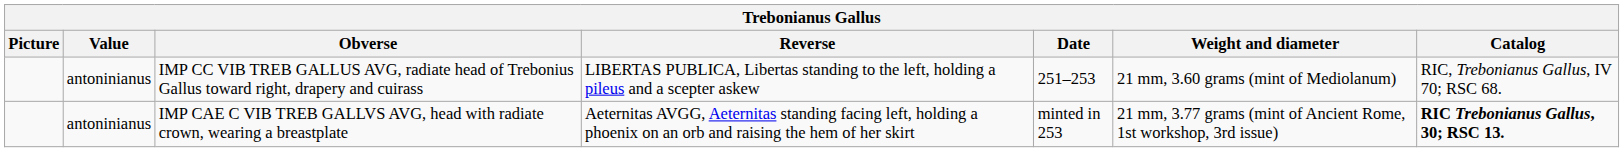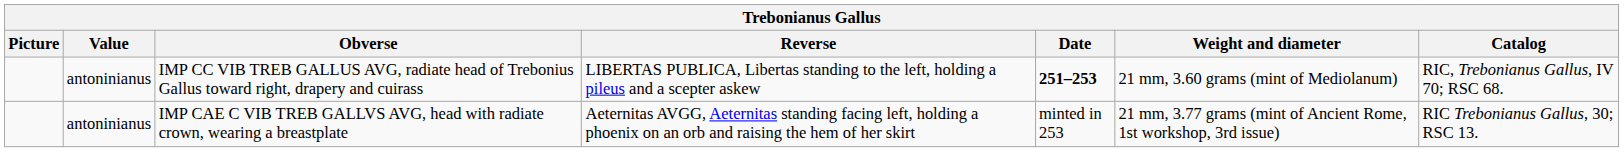 <table class="wikitable">
 <tr>
 <th colspan="7">Trebonianus Gallus</th>
 </tr>
 <tr>
 <th>Picture</th>
 <th>Value</th>
 <th>Obverse</th>
 <th>Reverse</th>
 <th>Date</th>
 <th>Weight and diameter</th>
 <th>Catalog</th>
 </tr>
 <tr>
 <td></td>
 <td>antoninianus</td>
 <td>IMP CC VIB TREB GALLUS AVG, radiate head of Trebonius Gallus toward right, drapery and cuirass</td>
 <td>LIBERTAS PUBLICA, Libertas standing to the left, holding a <a href='#'>pileus</a> and a scepter askew</td>
-<td>251–253</td>
+<td><strong>251–253</strong></td>
 <td>21 mm, 3.60 grams (mint of Mediolanum)</td>
 <td>RIC, <em>Trebonianus Gallus</em>, IV 70; RSC 68.</td>
 </tr>
 <tr>
 <td></td>
 <td>antoninianus</td>
 <td>IMP CAE C VIB TREB GALLVS AVG, head with radiate crown, wearing a breastplate</td>
 <td>Aeternitas AVGG, <a href='#'>Aeternitas</a> standing facing left, holding a phoenix on an orb and raising the hem of her skirt</td>
 <td>minted in 253</td>
 <td>21 mm, 3.77 grams (mint of Ancient Rome, 1st workshop, 3rd issue)</td>
-<td><strong>RIC <em>Trebonianus Gallus</em>, 30; RSC 13.</strong></td>
+<td>RIC <em>Trebonianus Gallus</em>, 30; RSC 13.</td>
 </tr>
 </table>
